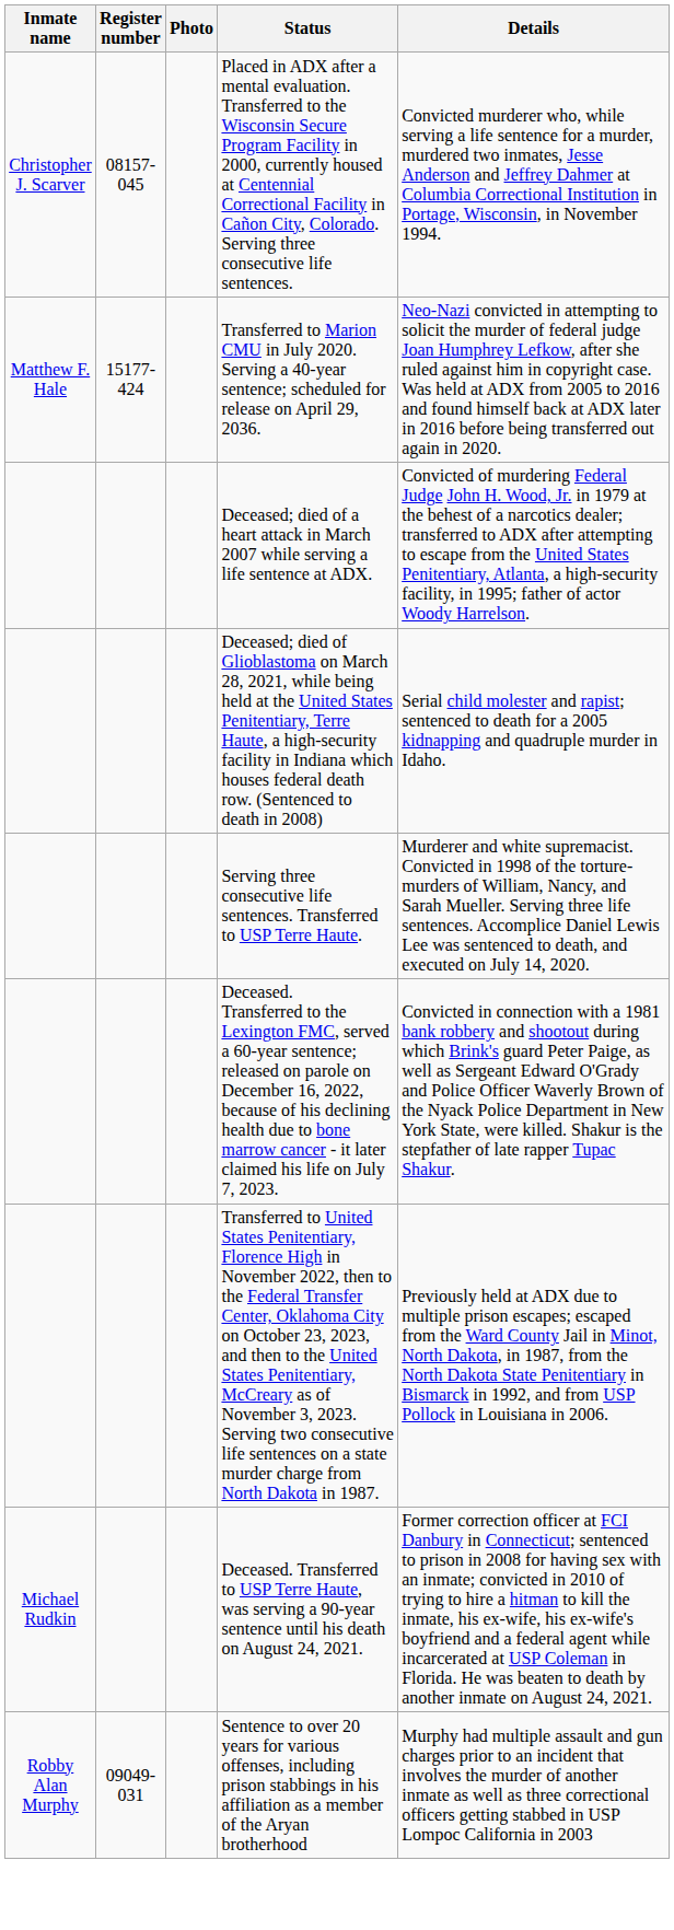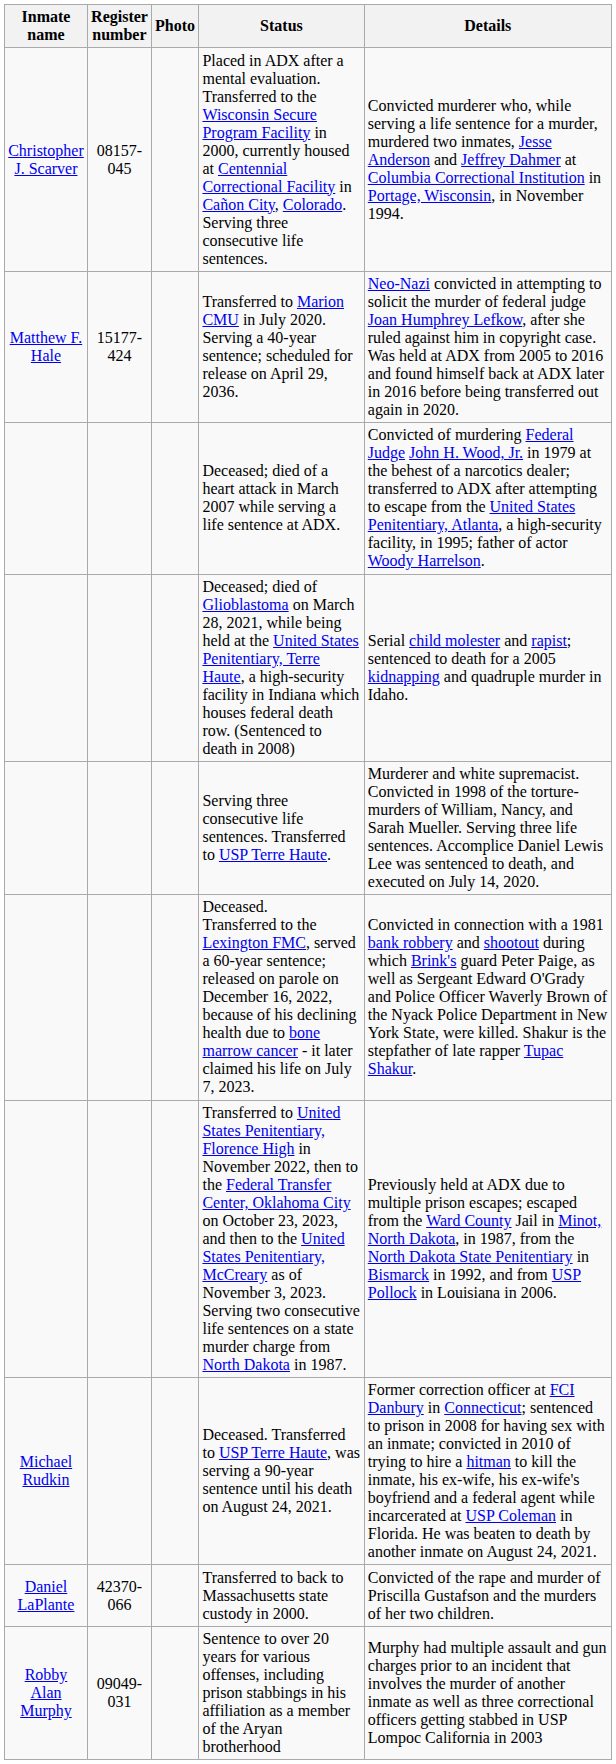 <table class="wikitable sortable">
 <tr>
 <th width=13%>Inmate name</th>
 <th width=8%>Register number</th>
 <th width=5%>Photo</th>
 <th width="29%">Status</th>
 <th width=50%>Details</th>
 </tr>
 <tr>
 <td style="text-align:center;"><a href='#'>Christopher J. Scarver</a></td>
 <td style="text-align:center;">08157-045</td>
 <td style="text-align:center;"></td>
 <td>Placed in ADX after a mental evaluation. Transferred to the <a href='#'>Wisconsin Secure Program Facility</a> in 2000, currently housed at <a href='#'>Centennial Correctional Facility</a> in <a href='#'>Cañon City</a>, <a href='#'>Colorado</a>. Serving three consecutive life sentences.</td>
 <td>Convicted murderer who, while serving a life sentence for a murder, murdered two inmates, <a href='#'>Jesse Anderson</a> and <a href='#'>Jeffrey Dahmer</a> at <a href='#'>Columbia Correctional Institution</a> in <a href='#'>Portage, Wisconsin</a>, in November 1994.</td>
 </tr>
 <tr>
 <td style="text-align:center;"><a href='#'>Matthew F. Hale</a></td>
 <td style="text-align:center;">15177-424</td>
 <td></td>
 <td>Transferred to <a href='#'>Marion CMU</a> in July 2020. Serving a 40-year sentence; scheduled for release on April 29, 2036.</td>
 <td><a href='#'>Neo-Nazi</a> convicted in attempting to solicit the murder of federal judge <a href='#'>Joan Humphrey Lefkow</a>, after she ruled against him in copyright case. Was held at ADX from 2005 to 2016 and found himself back at ADX later in 2016 before being transferred out again in 2020.</td>
 </tr>
 <tr>
 <td style="text-align:center;"></td>
 <td align="center"></td>
 <td></td>
 <td>Deceased; died of a heart attack in March 2007 while serving a life sentence at ADX.</td>
 <td>Convicted of murdering <a href='#'>Federal Judge</a> <a href='#'>John H. Wood, Jr.</a> in 1979 at the behest of a narcotics dealer; transferred to ADX after attempting to escape from the <a href='#'>United States Penitentiary, Atlanta</a>, a high-security facility, in 1995; father of actor <a href='#'>Woody Harrelson</a>.</td>
 </tr>
 <tr>
 <td style="text-align:center;"></td>
 <td align="center"></td>
 <td style="text-align:center;"></td>
 <td>Deceased; died of <a href='#'>Glioblastoma</a> on March 28, 2021, while being held at the <a href='#'>United States Penitentiary, Terre Haute</a>, a high-security facility in Indiana which houses federal death row. (Sentenced to death in 2008)</td>
 <td>Serial <a href='#'>child molester</a> and <a href='#'>rapist</a>; sentenced to death for a 2005 <a href='#'>kidnapping</a> and quadruple murder in Idaho.</td>
 </tr>
 <tr>
 <td style="text-align:center;"></td>
 <td style="text-align:center;"></td>
 <td></td>
 <td>Serving three consecutive life sentences. Transferred to <a href='#'>USP Terre Haute</a>.</td>
 <td>Murderer and white supremacist. Convicted in 1998 of the torture-murders of William, Nancy, and Sarah Mueller. Serving three life sentences. Accomplice Daniel Lewis Lee was sentenced to death, and executed on July 14, 2020.</td>
 </tr>
 <tr>
 <td style="text-align:center;"></td>
 <td align="center"></td>
 <td style="text-align:center;"></td>
 <td>Deceased.<br>Transferred to the <a href='#'>Lexington FMC</a>, served a 60-year sentence; released on parole on December 16, 2022, because of his declining health due to <a href='#'>bone marrow cancer</a> - it later claimed his life on July 7, 2023.</td>
 <td>Convicted in connection with a 1981 <a href='#'>bank robbery</a> and <a href='#'>shootout</a> during which <a href='#'>Brink's</a> guard Peter Paige, as well as Sergeant Edward O'Grady and Police Officer Waverly Brown of the Nyack Police Department in New York State, were killed. Shakur is the stepfather of late rapper <a href='#'>Tupac Shakur</a>.</td>
 </tr>
 <tr>
 <td style="text-align:center;"></td>
 <td style="text-align:center;"></td>
 <td style="text-align:center;"></td>
 <td>Transferred to <a href='#'>United States Penitentiary, Florence High</a> in November 2022, then to the <a href='#'>Federal Transfer Center, Oklahoma City</a> on October 23, 2023, and then to the <a href='#'>United States Penitentiary, McCreary</a> as of November 3, 2023.<br>Serving two consecutive life sentences on a state murder charge from <a href='#'>North Dakota</a> in 1987.</td>
 <td>Previously held at ADX due to multiple prison escapes; escaped from the <a href='#'>Ward County</a> Jail in <a href='#'>Minot, North Dakota</a>, in 1987, from the <a href='#'>North Dakota State Penitentiary</a> in <a href='#'>Bismarck</a> in 1992, and from <a href='#'>USP Pollock</a> in Louisiana in 2006.</td>
 </tr>
 <tr>
 <td style="text-align:center;" data-sort-="" value="DeFreitas"><a href='#'>Michael Rudkin</a></td>
 <td style="text-align:center;"></td>
 <td></td>
 <td>Deceased. Transferred to <a href='#'>USP Terre Haute</a>, was serving a 90-year sentence until his death on August 24, 2021.</td>
 <td>Former correction officer at <a href='#'>FCI Danbury</a> in <a href='#'>Connecticut</a>; sentenced to prison in 2008 for having sex with an inmate; convicted in 2010 of trying to hire a <a href='#'>hitman</a> to kill the inmate, his ex-wife, his ex-wife's boyfriend and a federal agent while incarcerated at <a href='#'>USP Coleman</a> in Florida. He was beaten to death by another inmate on August 24, 2021.</td>
 </tr>
 <tr>
+<td style="text-align:center;" data-sort-="" value="DeFreitas"><a href='#'>Daniel LaPlante</a></td>
+<td style="text-align:center;">42370-066</td>
+<td></td>
+<td>Transferred to back to Massachusetts state custody in 2000.</td>
+<td>Convicted of the rape and murder of Priscilla Gustafson and the murders of her two children.</td>
+</tr>
+<tr>
 <td style="text-align:center;"><a href='#'>Robby Alan Murphy</a></td>
 <td style="text-align:center;">09049-031</td>
 <td style="text-align:center;"></td>
 <td>Sentence to over 20 years for various offenses, including prison stabbings in his affiliation as a member of the Aryan brotherhood</td>
 <td>Murphy had multiple assault and gun charges prior to an incident that involves the murder of another inmate as well as three correctional officers getting stabbed in USP Lompoc California in 2003</td>
 </tr>
 <tr>
 </tr>
 </table>
